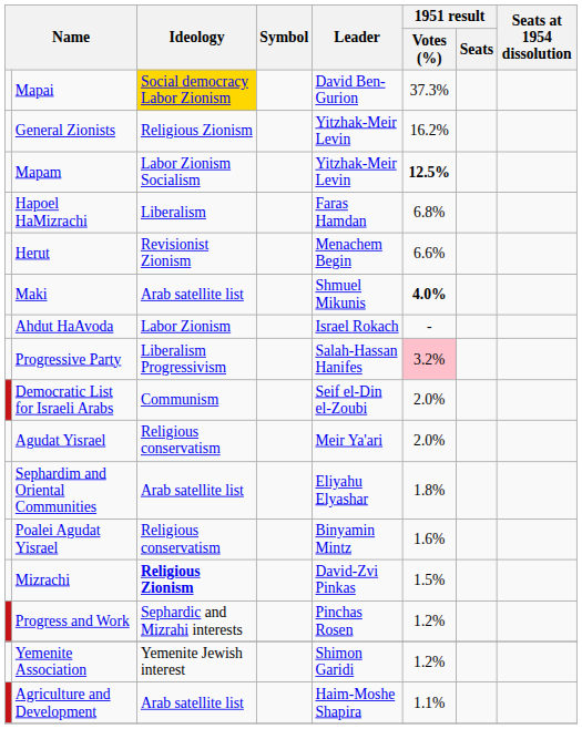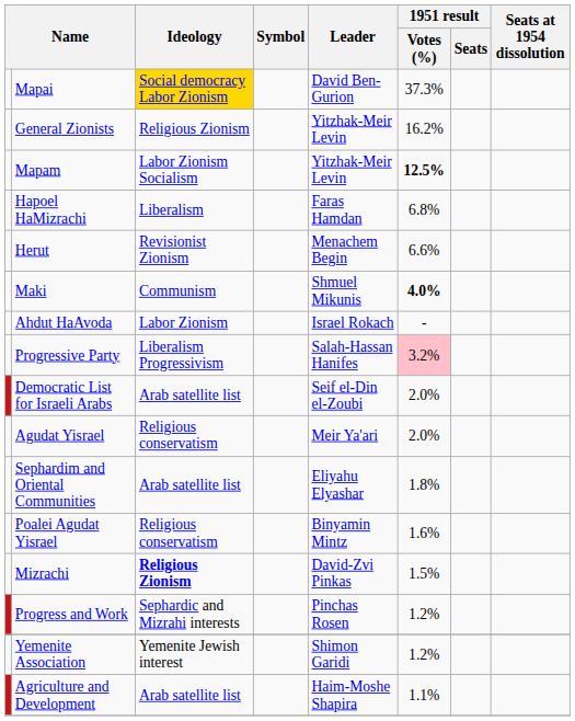 <table class="wikitable">
 <tr>
 <th rowspan="2" colspan=2>Name</th>
 <th rowspan="2">Ideology</th>
 <th rowspan="2">Symbol</th>
 <th rowspan="2">Leader</th>
 <th colspan="2">1951 result</th>
 <th rowspan="2">Seats at 1954<br>dissolution</th>
 </tr>
 <tr>
 <th>Votes (%)</th>
 <th>Seats</th>
 </tr>
 <tr>
 <td style="background:"></td>
 <td><a href='#'>Mapai</a></td>
 <td style="background: gold;"><a href='#'>Social democracy</a><br><a href='#'>Labor Zionism</a></td>
 <td></td>
 <td><a href='#'>David Ben-Gurion</a></td>
 <td style="text-align:center;">37.3%</td>
 <td></td>
 <td></td>
 </tr>
 <tr>
 <td style="background:"></td>
 <td><a href='#'>General Zionists</a></td>
 <td><a href='#'>Religious Zionism</a></td>
 <td></td>
 <td><a href='#'>Yitzhak-Meir Levin</a></td>
 <td style="text-align:center;" rowspan=1>16.2%</td>
 <td></td>
 <td></td>
 </tr>
 <tr>
 <td style="background:"></td>
 <td><a href='#'>Mapam</a></td>
 <td><a href='#'>Labor Zionism</a><br><a href='#'>Socialism</a></td>
 <td></td>
 <td><a href='#'>Yitzhak-Meir Levin</a></td>
 <td style="text-align:center;"><strong>12.5%</strong></td>
 <td></td>
 <td></td>
 </tr>
 <tr>
 <td style="background:"></td>
 <td><a href='#'>Hapoel HaMizrachi</a></td>
 <td><a href='#'>Liberalism</a></td>
 <td></td>
 <td><a href='#'>Faras Hamdan</a></td>
 <td style="text-align:center;">6.8%</td>
 <td></td>
 <td></td>
 </tr>
 <tr>
 <td style="background:"></td>
 <td><a href='#'>Herut</a></td>
 <td><a href='#'>Revisionist Zionism</a></td>
 <td></td>
 <td><a href='#'>Menachem Begin</a></td>
 <td style="text-align:center;" rowspan=1>6.6%</td>
 <td></td>
 <td></td>
 </tr>
 <tr>
 <td style="background:"></td>
 <td><a href='#'>Maki</a></td>
-<td><a href='#'>Arab satellite list</a></td>
+<td><a href='#'>Communism</a></td>
 <td></td>
 <td><a href='#'>Shmuel Mikunis</a></td>
 <td style="text-align:center;"><strong>4.0%</strong></td>
 <td></td>
 <td></td>
 </tr>
 <tr>
 <td style="background:"></td>
 <td><a href='#'>Ahdut HaAvoda</a></td>
 <td><a href='#'>Labor Zionism</a></td>
 <td></td>
 <td><a href='#'>Israel Rokach</a></td>
 <td style="text-align:center;">-</td>
 <td></td>
 <td></td>
 </tr>
 <tr>
 <td style="background:"></td>
 <td><a href='#'>Progressive Party</a></td>
 <td><a href='#'>Liberalism</a><br><a href='#'>Progressivism</a></td>
 <td></td>
 <td><a href='#'>Salah-Hassan Hanifes</a></td>
 <td style="background: pink; text-align:center;" rowspan=1>3.2%</td>
 <td></td>
 <td></td>
 </tr>
 <tr>
 <td style="background:#C61318;"></td>
 <td><a href='#'>Democratic List for Israeli Arabs</a></td>
-<td><a href='#'>Communism</a></td>
+<td><a href='#'>Arab satellite list</a></td>
 <td></td>
 <td><a href='#'>Seif el-Din el-Zoubi</a></td>
 <td style="text-align:center;">2.0%</td>
 <td></td>
 <td></td>
 </tr>
 <tr>
 <td style="background:"></td>
 <td><a href='#'>Agudat Yisrael</a></td>
 <td><a href='#'>Religious conservatism</a></td>
 <td></td>
 <td><a href='#'>Meir Ya'ari</a></td>
 <td style="text-align:center;">2.0%</td>
 <td></td>
 <td></td>
 </tr>
 <tr>
 <td style="background:"></td>
 <td><a href='#'>Sephardim and Oriental Communities</a></td>
 <td><a href='#'>Arab satellite list</a></td>
 <td></td>
 <td><a href='#'>Eliyahu Elyashar</a></td>
 <td style="text-align:center;" rowspan=1>1.8%</td>
 <td></td>
 <td></td>
 </tr>
 <tr>
 <td style="background:"></td>
 <td><a href='#'>Poalei Agudat Yisrael</a></td>
 <td><a href='#'>Religious conservatism</a></td>
 <td></td>
 <td><a href='#'>Binyamin Mintz</a></td>
 <td style="text-align:center;" rowspan=1>1.6%</td>
 <td></td>
 <td></td>
 </tr>
 <tr>
 <td style="background:"></td>
 <td><a href='#'>Mizrachi</a></td>
 <td><strong><a href='#'>Religious Zionism</a></strong></td>
 <td></td>
 <td><a href='#'>David-Zvi Pinkas</a></td>
 <td style="text-align:center;">1.5%</td>
 <td></td>
 <td></td>
 </tr>
 <tr>
 <td style="background:#C61318;"></td>
 <td><a href='#'>Progress and Work</a></td>
 <td><a href='#'>Sephardic</a> and <a href='#'>Mizrahi</a> interests</td>
 <td></td>
 <td><a href='#'>Pinchas Rosen</a></td>
 <td style="text-align:center;">1.2%</td>
 <td></td>
 <td></td>
 </tr>
 <tr>
 </tr>
 <tr>
 <td style="background:"></td>
 <td><a href='#'>Yemenite Association</a></td>
 <td>Yemenite Jewish interest</td>
 <td></td>
 <td><a href='#'>Shimon Garidi</a></td>
 <td style="text-align:center;">1.2%</td>
 <td></td>
 <td></td>
 </tr>
 <tr>
 <td style="background:#C61318;"></td>
 <td><a href='#'>Agriculture and Development</a></td>
 <td><a href='#'>Arab satellite list</a></td>
 <td></td>
 <td><a href='#'>Haim-Moshe Shapira</a></td>
 <td style="text-align:center;">1.1%</td>
 <td></td>
 <td></td>
 </tr>
 <tr>
 </tr>
 </table>
